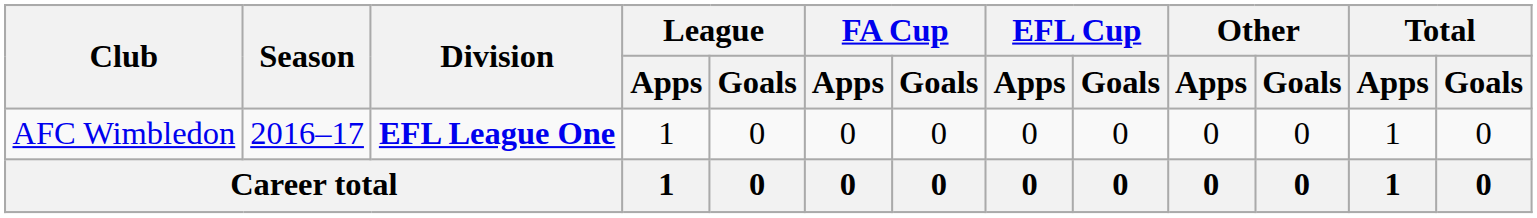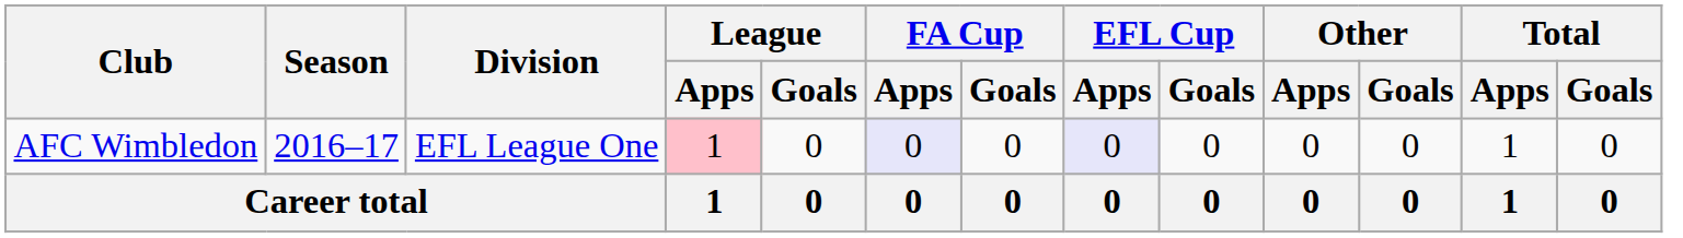 <table class="wikitable" style="text-align:center;">
 <tr>
 <th rowspan="2">Club</th>
 <th rowspan="2">Season</th>
 <th rowspan="2">Division</th>
 <th colspan="2">League</th>
 <th colspan="2"><a href='#'>FA Cup</a></th>
 <th colspan="2"><a href='#'>EFL Cup</a></th>
 <th colspan="2">Other</th>
 <th colspan="2">Total</th>
 </tr>
 <tr>
 <th>Apps</th>
 <th>Goals</th>
 <th>Apps</th>
 <th>Goals</th>
 <th>Apps</th>
 <th>Goals</th>
 <th>Apps</th>
 <th>Goals</th>
 <th>Apps</th>
 <th>Goals</th>
 </tr>
 <tr>
 <td><a href='#'>AFC Wimbledon</a></td>
 <td><a href='#'>2016–17</a></td>
-<td><strong><a href='#'>EFL League One</a></strong></td>
-<td>1</td>
+<td><a href='#'>EFL League One</a></td>
+<td style="background: pink;">1</td>
 <td>0</td>
+<td style="background: lavender;">0</td>
 <td>0</td>
-<td>0</td>
-<td>0</td>
+<td style="background: lavender;">0</td>
 <td>0</td>
 <td>0</td>
 <td>0</td>
 <td>1</td>
 <td>0</td>
 </tr>
 <tr>
 <th colspan="3">Career total</th>
 <th>1</th>
 <th>0</th>
 <th>0</th>
 <th>0</th>
 <th>0</th>
 <th>0</th>
 <th>0</th>
 <th>0</th>
 <th>1</th>
 <th>0</th>
 </tr>
 </table>
